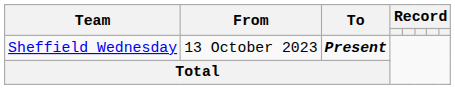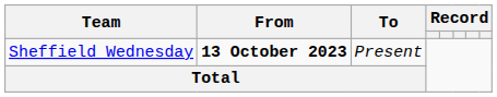 <table class=wikitable style=text-align:center>
 <tr>
 <th rowspan=2>Team</th>
 <th rowspan=2>From</th>
 <th rowspan=2>To</th>
 <th colspan=5>Record</th>
 </tr>
 <tr>
 <th></th>
 <th></th>
 <th></th>
 <th></th>
 <th></th>
 </tr>
 <tr>
 <td align=left><a href='#'>Sheffield Wednesday</a></td>
-<td align=left>13 October 2023</td>
-<td align=left><strong><em>Present</em><br></strong></td>
+<td align=left><strong>13 October 2023</strong></td>
+<td align=left><em>Present</em><br></td>
 </tr>
 <tr>
 <th colspan=3>Total<br></th>
 </tr>
 </table>
